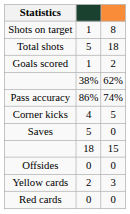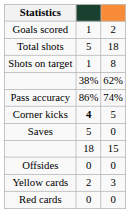 <table class="wikitable" style="text-align: center">
 <tr>
 <th width=100>Statistics</th>
 <th style="background: #1A4030; color: #FFFFFF;"> <a href='#'></a></th>
 <th style="background: #F88C39; color: #FFFFFF;"> <a href='#'></a></th>
 </tr>
 <tr>
-<td>Shots on target</td>
+<td>Goals scored</td>
 <td>1</td>
-<td>8</td>
+<td>2</td>
 </tr>
 <tr>
 <td>Total shots</td>
 <td>5</td>
 <td>18</td>
 </tr>
 <tr>
-<td>Goals scored</td>
+<td>Shots on target</td>
 <td>1</td>
-<td>2</td>
+<td>8</td>
 </tr>
 <tr>
 <td></td>
 <td>38%</td>
 <td>62%</td>
 </tr>
 <tr>
 <td>Pass accuracy</td>
 <td>86%</td>
 <td>74%</td>
 </tr>
 <tr>
 <td>Corner kicks</td>
-<td>4</td>
+<td><strong>4</strong></td>
 <td>5</td>
 </tr>
 <tr>
 <td>Saves</td>
 <td>5</td>
 <td>0</td>
 </tr>
 <tr>
 <td></td>
 <td>18</td>
 <td>15</td>
 </tr>
 <tr>
 <td>Offsides</td>
 <td>0</td>
 <td>0</td>
 </tr>
 <tr>
 <td>Yellow cards</td>
 <td>2</td>
 <td>3</td>
 </tr>
 <tr>
 <td>Red cards</td>
 <td>0</td>
 <td>0</td>
 </tr>
 </table>
